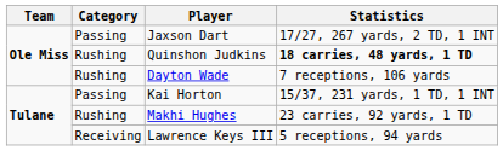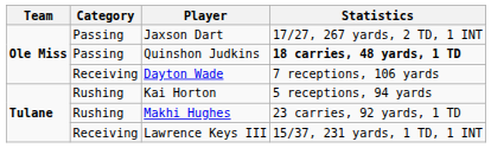 <table class="wikitable" style="float: right;">
 <tr>
 <th>Team</th>
 <th>Category</th>
 <th>Player</th>
 <th>Statistics</th>
 </tr>
 <tr>
 <td rowspan=3><strong>Ole Miss</strong></td>
 <td>Passing</td>
 <td>Jaxson Dart</td>
 <td>17/27, 267 yards, 2 TD, 1 INT</td>
 </tr>
 <tr>
-<td>Rushing</td>
+<td>Passing</td>
 <td>Quinshon Judkins</td>
 <td><strong>18 carries, 48 yards, 1 TD</strong></td>
 </tr>
 <tr>
-<td>Rushing</td>
+<td>Receiving</td>
 <td><a href='#'>Dayton Wade</a></td>
 <td>7 receptions, 106 yards</td>
 </tr>
 <tr>
 <td rowspan=3><strong>Tulane</strong></td>
-<td>Passing</td>
+<td>Rushing</td>
 <td>Kai Horton</td>
-<td>15/37, 231 yards, 1 TD, 1 INT</td>
+<td>5 receptions, 94 yards</td>
 </tr>
 <tr>
 <td>Rushing</td>
 <td><a href='#'>Makhi Hughes</a></td>
 <td>23 carries, 92 yards, 1 TD</td>
 </tr>
 <tr>
 <td>Receiving</td>
 <td>Lawrence Keys III</td>
-<td>5 receptions, 94 yards</td>
+<td>15/37, 231 yards, 1 TD, 1 INT</td>
 </tr>
 </table>
